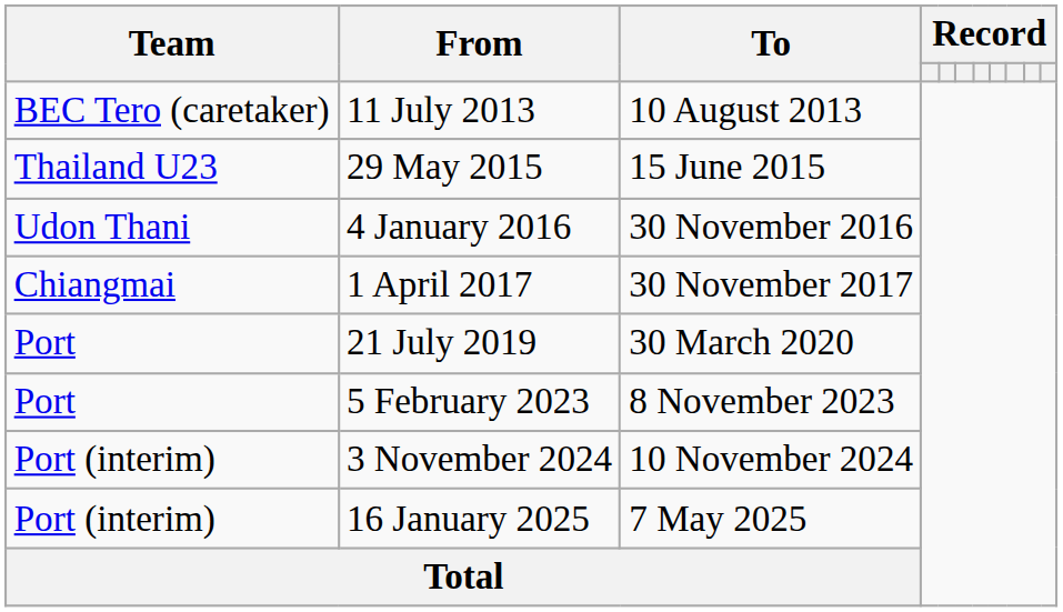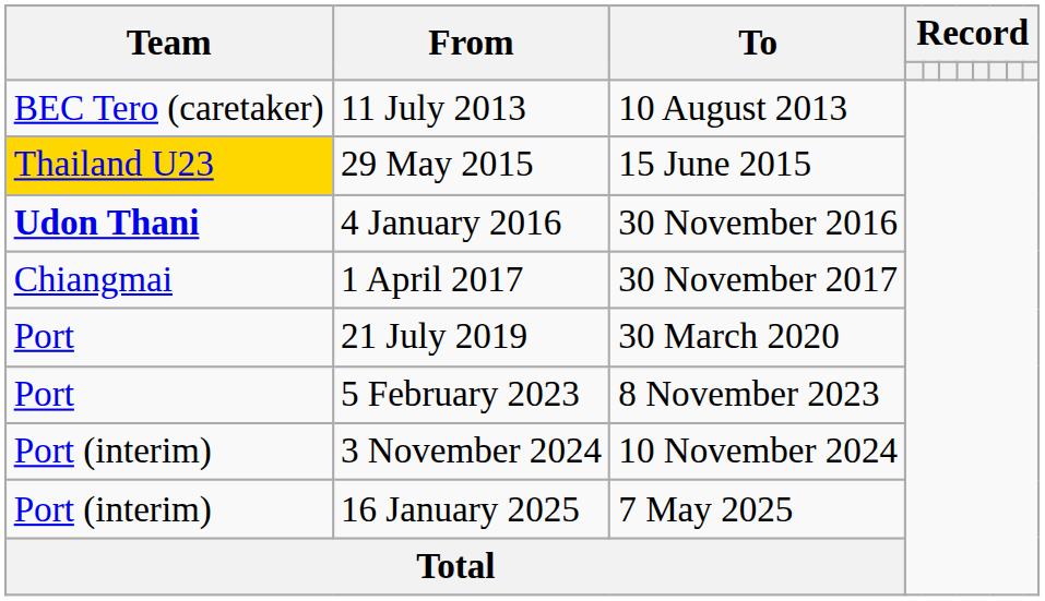 <table class="wikitable" style="text-align: center">
 <tr>
 <th rowspan=2>Team</th>
 <th rowspan=2>From</th>
 <th rowspan=2>To</th>
 <th colspan=8>Record</th>
 </tr>
 <tr>
 <th></th>
 <th></th>
 <th></th>
 <th></th>
 <th></th>
 <th></th>
 <th></th>
 <th></th>
 </tr>
 <tr>
 <td align="left"><a href='#'>BEC Tero</a> (caretaker)</td>
 <td align="left">11 July 2013</td>
 <td align="left">10 August 2013<br></td>
 </tr>
 <tr>
-<td align="left"><a href='#'>Thailand U23</a></td>
+<td align="left" style="background: gold;"><a href='#'>Thailand U23</a></td>
 <td align="left">29 May 2015</td>
 <td align="left">15 June 2015<br></td>
 </tr>
 <tr>
-<td align="left"><a href='#'>Udon Thani</a></td>
+<td align="left"><strong><a href='#'>Udon Thani</a></strong></td>
 <td align="left">4 January 2016</td>
 <td align="left">30 November 2016<br></td>
 </tr>
 <tr>
 <td align="left"><a href='#'>Chiangmai</a></td>
 <td align="left">1 April 2017</td>
 <td align="left">30 November 2017<br></td>
 </tr>
 <tr>
 <td align="left"><a href='#'>Port</a></td>
 <td align="left">21 July 2019</td>
 <td align="left">30 March 2020<br></td>
 </tr>
 <tr>
 <td align="left"><a href='#'>Port</a></td>
 <td align="left">5 February 2023</td>
 <td align="left">8 November 2023<br></td>
 </tr>
 <tr>
 <td align="left"><a href='#'>Port</a> (interim)</td>
 <td align="left">3 November 2024</td>
 <td align="left">10 November 2024<br></td>
 </tr>
 <tr>
 <td align="left"><a href='#'>Port</a> (interim)</td>
 <td align="left">16 January 2025</td>
 <td align="left">7 May 2025<br></td>
 </tr>
 <tr>
 <th colspan="3">Total<br></th>
 </tr>
 </table>
